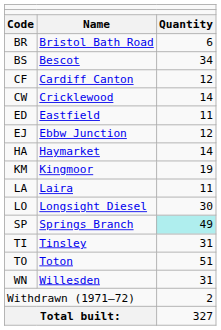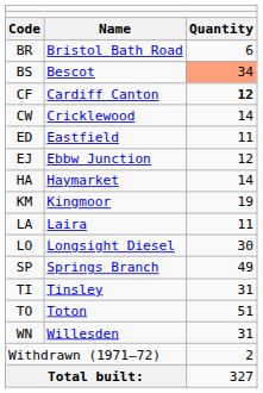 <table class="wikitable floatright">
 <tr>
 <td colspan=3></td>
 </tr>
 <tr>
 <td colspan=3></td>
 </tr>
 <tr>
 <th>Code</th>
 <th>Name</th>
 <th>Quantity</th>
 </tr>
 <tr>
 <td style="text-align:center">BR</td>
 <td><a href='#'>Bristol Bath Road</a></td>
 <td style="text-align:right">6</td>
 </tr>
 <tr>
 <td style="text-align:center">BS</td>
 <td><a href='#'>Bescot</a></td>
-<td style="text-align:right">34</td>
+<td style="background: lightsalmon; text-align:right">34</td>
 </tr>
 <tr>
 <td style="text-align:center">CF</td>
 <td><a href='#'>Cardiff Canton</a></td>
-<td style="text-align:right">12</td>
+<td style="text-align:right"><strong>12</strong></td>
 </tr>
 <tr>
 <td style="text-align:center">CW</td>
 <td><a href='#'>Cricklewood</a></td>
 <td style="text-align:right">14</td>
 </tr>
 <tr>
 <td style="text-align:center">ED</td>
 <td><a href='#'>Eastfield</a></td>
 <td style="text-align:right">11</td>
 </tr>
 <tr>
 <td style="text-align:center">EJ</td>
 <td><a href='#'>Ebbw Junction</a></td>
 <td style="text-align:right">12</td>
 </tr>
 <tr>
 <td style="text-align:center">HA</td>
 <td><a href='#'>Haymarket</a></td>
 <td style="text-align:right">14</td>
 </tr>
 <tr>
 <td style="text-align:center">KM</td>
 <td><a href='#'>Kingmoor</a></td>
 <td style="text-align:right">19</td>
 </tr>
 <tr>
 <td style="text-align:center">LA</td>
 <td><a href='#'>Laira</a></td>
 <td style="text-align:right">11</td>
 </tr>
 <tr>
 <td style="text-align:center">LO</td>
 <td><a href='#'>Longsight Diesel</a></td>
 <td style="text-align:right">30</td>
 </tr>
 <tr>
 <td style="text-align:center">SP</td>
 <td><a href='#'>Springs Branch</a></td>
-<td style="background: paleturquoise; text-align:right">49</td>
+<td style="text-align:right">49</td>
 </tr>
 <tr>
 <td style="text-align:center">TI</td>
 <td><a href='#'>Tinsley</a></td>
 <td style="text-align:right">31</td>
 </tr>
 <tr>
 <td style="text-align:center">TO</td>
 <td><a href='#'>Toton</a></td>
 <td style="text-align:right">51</td>
 </tr>
 <tr>
 <td style="text-align:center">WN</td>
 <td><a href='#'>Willesden</a></td>
 <td style="text-align:right">31</td>
 </tr>
 <tr>
 <td colspan=2>Withdrawn (1971–72)</td>
 <td style="text-align:right">2</td>
 </tr>
 <tr>
 <th colspan=2 scope=row>Total built:</th>
 <td style="text-align:right">327</td>
 </tr>
 </table>
